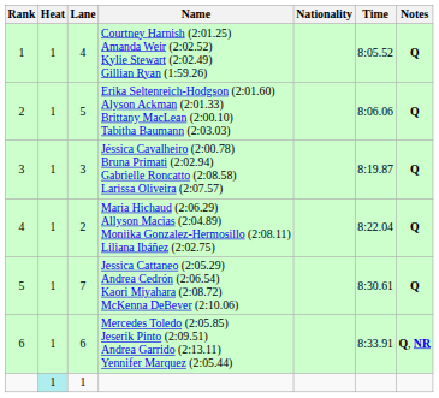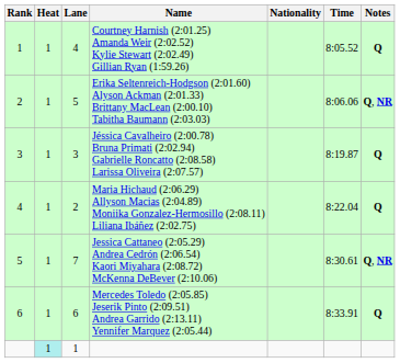 <table class="wikitable sortable" style="text-align:center">
 <tr>
 <th>Rank</th>
 <th>Heat</th>
 <th>Lane</th>
 <th>Name</th>
 <th>Nationality</th>
 <th>Time</th>
 <th>Notes</th>
 </tr>
 <tr bgcolor=ccffcc>
 <td>1</td>
 <td>1</td>
 <td>4</td>
 <td align=left><a href='#'>Courtney Harnish</a> (2:01.25)<br><a href='#'>Amanda Weir</a> (2:02.52)<br><a href='#'>Kylie Stewart</a> (2:02.49)<br><a href='#'>Gillian Ryan</a> (1:59.26)</td>
 <td align=left></td>
 <td>8:05.52</td>
 <td><strong>Q</strong></td>
 </tr>
 <tr bgcolor=ccffcc>
 <td>2</td>
 <td>1</td>
 <td>5</td>
 <td align=left><a href='#'>Erika Seltenreich-Hodgson</a> (2:01.60)<br><a href='#'>Alyson Ackman</a> (2:01.33)<br><a href='#'>Brittany MacLean</a> (2:00.10)<br><a href='#'>Tabitha Baumann</a> (2:03.03)</td>
 <td align=left></td>
 <td>8:06.06</td>
-<td><strong>Q</strong></td>
+<td><strong>Q</strong>, <strong><a href='#'>NR</a></strong></td>
 </tr>
 <tr bgcolor=ccffcc>
 <td>3</td>
 <td>1</td>
 <td>3</td>
 <td align=left><a href='#'>Jéssica Cavalheiro</a> (2:00.78)<br><a href='#'>Bruna Primati</a> (2:02.94)<br><a href='#'>Gabrielle Roncatto</a> (2:08.58)<br><a href='#'>Larissa Oliveira</a> (2:07.57)</td>
 <td align=left></td>
 <td>8:19.87</td>
 <td><strong>Q</strong></td>
 </tr>
 <tr bgcolor=ccffcc>
 <td>4</td>
 <td>1</td>
 <td>2</td>
 <td align=left><a href='#'>Maria Hichaud</a> (2:06.29)<br><a href='#'>Allyson Macias</a> (2:04.89)<br><a href='#'>Moniika Gonzalez-Hermosillo</a> (2:08.11)<br><a href='#'>Liliana Ibáñez</a> (2:02.75)</td>
 <td align=left></td>
 <td>8:22.04</td>
 <td><strong>Q</strong></td>
 </tr>
 <tr bgcolor=ccffcc>
 <td>5</td>
 <td>1</td>
 <td>7</td>
 <td align=left><a href='#'>Jessica Cattaneo</a> (2:05.29)<br><a href='#'>Andrea Cedrón</a> (2:06.54)<br><a href='#'>Kaori Miyahara</a> (2:08.72)<br><a href='#'>McKenna DeBever</a> (2:10.06)</td>
 <td align=left></td>
 <td>8:30.61</td>
-<td><strong>Q</strong></td>
+<td><strong>Q</strong>, <strong><a href='#'>NR</a></strong></td>
 </tr>
 <tr bgcolor=ccffcc>
 <td>6</td>
 <td>1</td>
 <td>6</td>
 <td align=left><a href='#'>Mercedes Toledo</a> (2:05.85)<br><a href='#'>Jeserik Pinto</a> (2:09.51)<br><a href='#'>Andrea Garrido</a> (2:13.11)<br><a href='#'>Yennifer Marquez</a> (2:05.44)</td>
 <td align=left></td>
 <td>8:33.91</td>
-<td><strong>Q</strong>, <strong><a href='#'>NR</a></strong></td>
+<td><strong>Q</strong></td>
 </tr>
 <tr>
 <td></td>
 <td style="background: paleturquoise;">1</td>
 <td>1</td>
 <td align=left></td>
 <td align=left></td>
 <td></td>
 <td></td>
 </tr>
 </table>
